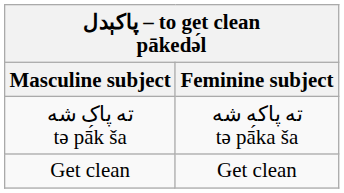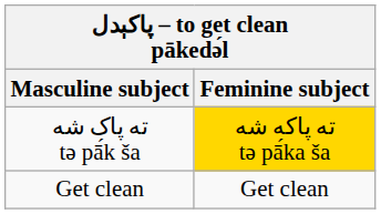 <table class="wikitable" style="text-align: center">
 <tr>
 <th colspan="2">پاکېدل – to get clean<br>pākedә́l</th>
 </tr>
 <tr>
 <th>Masculine subject</th>
 <th>Feminine subject</th>
 </tr>
 <tr>
 <td>ته پاک شه<br>tә pā́k ša</td>
-<td>ته پاکه شه<br>tә pā́ka ša</td>
+<td style="background: gold;">ته پاکه شه<br>tә pā́ka ša</td>
 </tr>
 <tr>
 <td>Get clean</td>
 <td>Get clean</td>
 </tr>
 </table>
